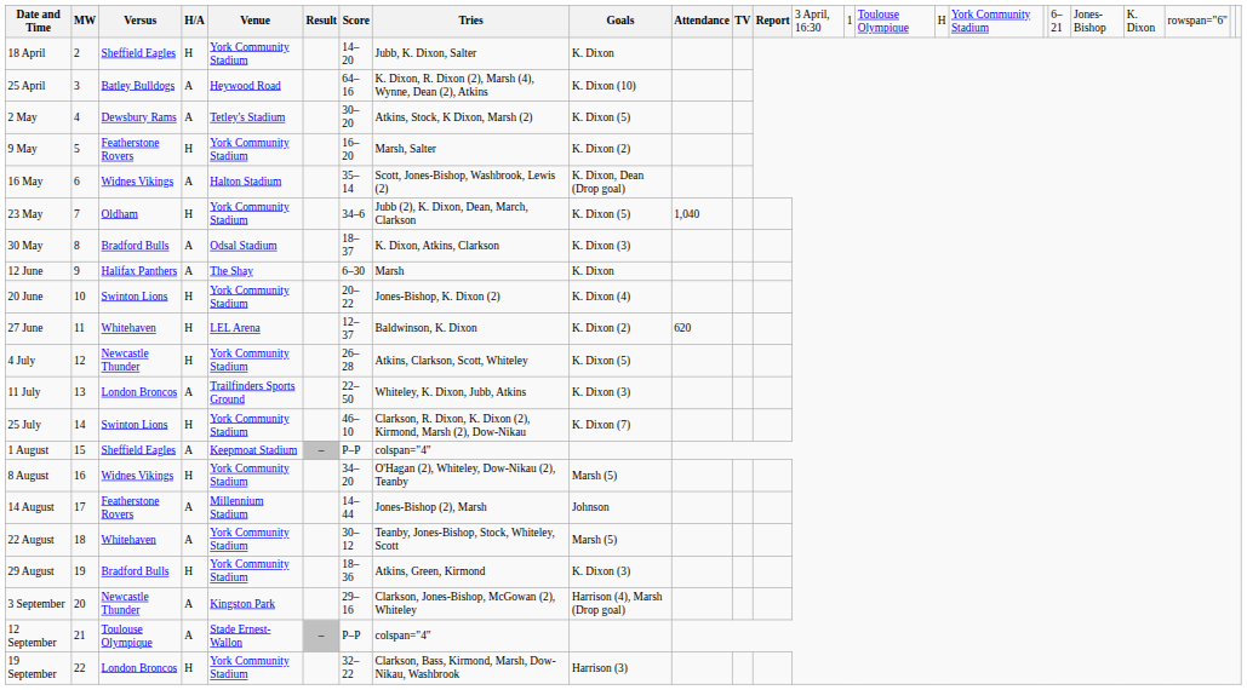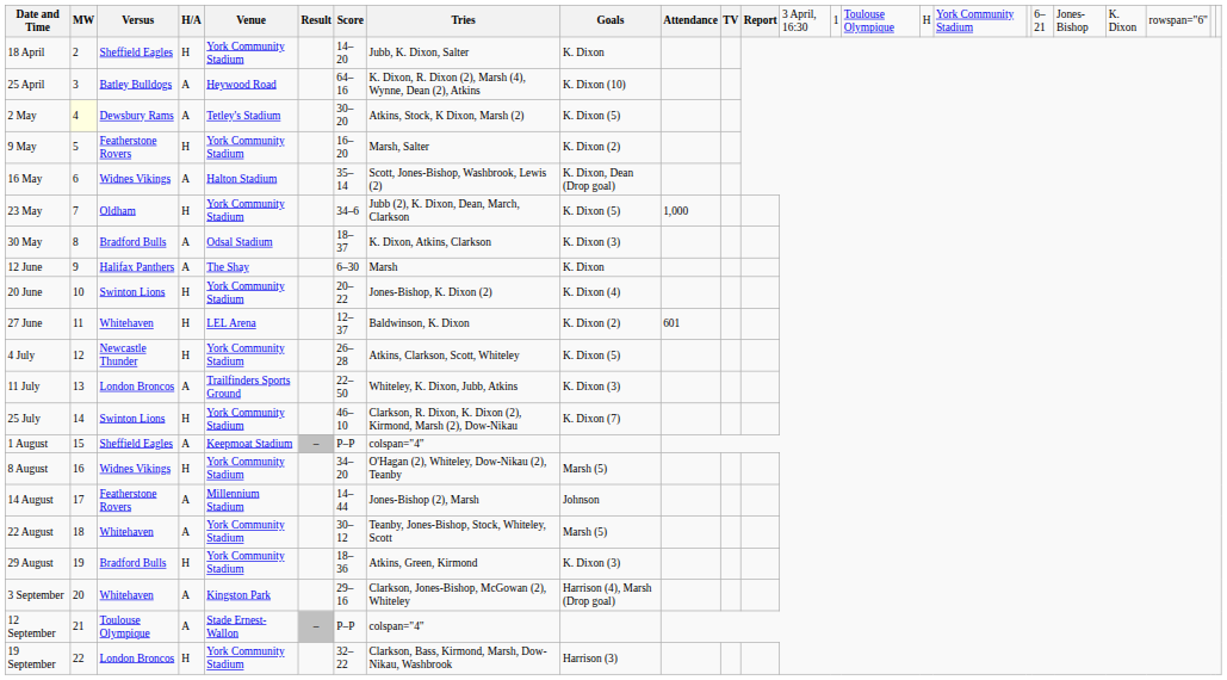 <table class="wikitable defaultleft col2center col4center col7center col10right" style="font-size:90%;">
 <tr>
 <th>Date and Time</th>
 <th>MW</th>
 <th>Versus</th>
 <th>H/A</th>
 <th>Venue</th>
 <th>Result</th>
 <th>Score</th>
 <th>Tries</th>
 <th>Goals</th>
 <th>Attendance</th>
 <th>TV</th>
 <th>Report</th>
 <td>3 April, 16:30</td>
 <td>1</td>
 <td> <a href='#'>Toulouse Olympique</a></td>
 <td>H</td>
 <td><a href='#'>York Community Stadium</a></td>
 <td></td>
 <td>6–21</td>
 <td>Jones-Bishop</td>
 <td>K. Dixon</td>
 <td>rowspan="6" </td>
 <td></td>
 <td></td>
 </tr>
 <tr>
 <td>18 April</td>
 <td>2</td>
 <td> <a href='#'>Sheffield Eagles</a></td>
 <td>H</td>
 <td><a href='#'>York Community Stadium</a></td>
 <td></td>
 <td>14–20</td>
 <td>Jubb, K. Dixon, Salter</td>
 <td>K. Dixon</td>
 <td></td>
 <td></td>
 </tr>
 <tr>
 <td>25 April</td>
 <td>3</td>
 <td> <a href='#'>Batley Bulldogs</a></td>
 <td>A</td>
 <td><a href='#'>Heywood Road</a></td>
 <td></td>
 <td>64–16</td>
 <td>K. Dixon, R. Dixon (2), Marsh (4), Wynne, Dean (2), Atkins</td>
 <td>K. Dixon (10)</td>
 <td></td>
 <td></td>
 </tr>
 <tr>
 <td>2 May</td>
-<td>4</td>
+<td style="background: lightyellow;">4</td>
 <td> <a href='#'>Dewsbury Rams</a></td>
 <td>A</td>
 <td><a href='#'>Tetley's Stadium</a></td>
 <td></td>
 <td>30–20</td>
 <td>Atkins, Stock, K Dixon, Marsh (2)</td>
 <td>K. Dixon (5)</td>
 <td></td>
 <td></td>
 </tr>
 <tr>
 <td>9 May</td>
 <td>5</td>
 <td> <a href='#'>Featherstone Rovers</a></td>
 <td>H</td>
 <td><a href='#'>York Community Stadium</a></td>
 <td></td>
 <td>16–20</td>
 <td>Marsh, Salter</td>
 <td>K. Dixon (2)</td>
 <td></td>
 <td></td>
 </tr>
 <tr>
 <td>16 May</td>
 <td>6</td>
 <td> <a href='#'>Widnes Vikings</a></td>
 <td>A</td>
 <td><a href='#'>Halton Stadium</a></td>
 <td></td>
 <td>35–14</td>
 <td>Scott, Jones-Bishop, Washbrook, Lewis (2)</td>
 <td>K. Dixon, Dean (Drop goal)</td>
 <td></td>
 <td></td>
 </tr>
 <tr>
 <td>23 May</td>
 <td>7</td>
 <td> <a href='#'>Oldham</a></td>
 <td>H</td>
 <td><a href='#'>York Community Stadium</a></td>
 <td></td>
 <td>34–6</td>
 <td>Jubb (2), K. Dixon, Dean, March, Clarkson</td>
 <td>K. Dixon (5)</td>
-<td>1,040</td>
+<td>1,000</td>
 <td></td>
 <td></td>
 </tr>
 <tr>
 <td>30 May</td>
 <td>8</td>
 <td> <a href='#'>Bradford Bulls</a></td>
 <td>A</td>
 <td><a href='#'>Odsal Stadium</a></td>
 <td></td>
 <td>18–37</td>
 <td>K. Dixon, Atkins, Clarkson</td>
 <td>K. Dixon (3)</td>
 <td></td>
 <td></td>
 <td></td>
 </tr>
 <tr>
 <td>12 June</td>
 <td>9</td>
 <td> <a href='#'>Halifax Panthers</a></td>
 <td>A</td>
 <td><a href='#'>The Shay</a></td>
 <td></td>
 <td>6–30</td>
 <td>Marsh</td>
 <td>K. Dixon</td>
 <td></td>
 <td></td>
 <td></td>
 </tr>
 <tr>
 <td>20 June</td>
 <td>10</td>
 <td> <a href='#'>Swinton Lions</a></td>
 <td>H</td>
 <td><a href='#'>York Community Stadium</a></td>
 <td></td>
 <td>20–22</td>
 <td>Jones-Bishop, K. Dixon (2)</td>
 <td>K. Dixon (4)</td>
 <td></td>
 <td></td>
 <td></td>
 </tr>
 <tr>
 <td>27 June</td>
 <td>11</td>
 <td> <a href='#'>Whitehaven</a></td>
 <td>H</td>
 <td><a href='#'>LEL Arena</a></td>
 <td></td>
 <td>12–37</td>
 <td>Baldwinson, K. Dixon</td>
 <td>K. Dixon (2)</td>
-<td>620</td>
+<td>601</td>
 <td></td>
 <td></td>
 </tr>
 <tr>
 <td>4 July</td>
 <td>12</td>
 <td> <a href='#'>Newcastle Thunder</a></td>
 <td>H</td>
 <td><a href='#'>York Community Stadium</a></td>
 <td></td>
 <td>26–28</td>
 <td>Atkins, Clarkson, Scott, Whiteley</td>
 <td>K. Dixon (5)</td>
 <td></td>
 <td></td>
 <td></td>
 </tr>
 <tr>
 <td>11 July</td>
 <td>13</td>
 <td> <a href='#'>London Broncos</a></td>
 <td>A</td>
 <td><a href='#'>Trailfinders Sports Ground</a></td>
 <td></td>
 <td>22–50</td>
 <td>Whiteley, K. Dixon, Jubb, Atkins</td>
 <td>K. Dixon (3)</td>
 <td></td>
 <td></td>
 <td></td>
 </tr>
 <tr>
 <td>25 July</td>
 <td>14</td>
 <td> <a href='#'>Swinton Lions</a></td>
 <td>H</td>
 <td><a href='#'>York Community Stadium</a></td>
 <td></td>
 <td>46–10</td>
 <td>Clarkson, R. Dixon, K. Dixon (2), Kirmond, Marsh (2), Dow-Nikau</td>
 <td>K. Dixon (7)</td>
 <td></td>
 <td></td>
 <td></td>
 </tr>
 <tr>
 <td>1 August</td>
 <td>15</td>
 <td> <a href='#'>Sheffield Eagles</a></td>
 <td>A</td>
 <td><a href='#'>Keepmoat Stadium</a></td>
 <td style="background:#c0c0c0; text-align:center">–</td>
 <td>P–P</td>
 <td>colspan="4" </td>
 <td></td>
 </tr>
 <tr>
 <td>8 August</td>
 <td>16</td>
 <td> <a href='#'>Widnes Vikings</a></td>
 <td>H</td>
 <td><a href='#'>York Community Stadium</a></td>
 <td></td>
 <td>34–20</td>
 <td>O'Hagan (2), Whiteley, Dow-Nikau (2), Teanby</td>
 <td>Marsh (5)</td>
 <td></td>
 <td></td>
 <td></td>
 </tr>
 <tr>
 <td>14 August</td>
 <td>17</td>
 <td> <a href='#'>Featherstone Rovers</a></td>
 <td>A</td>
 <td><a href='#'>Millennium Stadium</a></td>
 <td></td>
 <td>14–44</td>
 <td>Jones-Bishop (2), Marsh</td>
 <td>Johnson</td>
 <td></td>
 <td></td>
 <td></td>
 </tr>
 <tr>
 <td>22 August</td>
 <td>18</td>
 <td> <a href='#'>Whitehaven</a></td>
 <td>A</td>
 <td><a href='#'>York Community Stadium</a></td>
 <td></td>
 <td>30–12</td>
 <td>Teanby, Jones-Bishop, Stock, Whiteley, Scott</td>
 <td>Marsh (5)</td>
 <td></td>
 <td></td>
 <td></td>
 </tr>
 <tr>
 <td>29 August</td>
 <td>19</td>
 <td> <a href='#'>Bradford Bulls</a></td>
 <td>H</td>
 <td><a href='#'>York Community Stadium</a></td>
 <td></td>
 <td>18–36</td>
 <td>Atkins, Green, Kirmond</td>
 <td>K. Dixon (3)</td>
 <td></td>
 <td></td>
 <td></td>
 </tr>
 <tr>
 <td>3 September</td>
 <td>20</td>
-<td> <a href='#'>Newcastle Thunder</a></td>
+<td> <a href='#'>Whitehaven</a></td>
 <td>A</td>
 <td><a href='#'>Kingston Park</a></td>
 <td></td>
 <td>29–16</td>
 <td>Clarkson, Jones-Bishop, McGowan (2), Whiteley</td>
 <td>Harrison (4), Marsh (Drop goal)</td>
 <td></td>
 <td></td>
 <td></td>
 </tr>
 <tr>
 <td>12 September</td>
 <td>21</td>
 <td> <a href='#'>Toulouse Olympique</a></td>
 <td>A</td>
 <td><a href='#'>Stade Ernest-Wallon</a></td>
 <td style="background:#c0c0c0; text-align:center">–</td>
 <td>P–P</td>
 <td>colspan="4" </td>
 <td></td>
 </tr>
 <tr>
 <td>19 September</td>
 <td>22</td>
 <td> <a href='#'>London Broncos</a></td>
 <td>H</td>
 <td><a href='#'>York Community Stadium</a></td>
 <td></td>
 <td>32–22</td>
 <td>Clarkson, Bass, Kirmond, Marsh, Dow-Nikau, Washbrook</td>
 <td>Harrison (3)</td>
 <td></td>
 <td></td>
 <td></td>
 </tr>
 </table>
